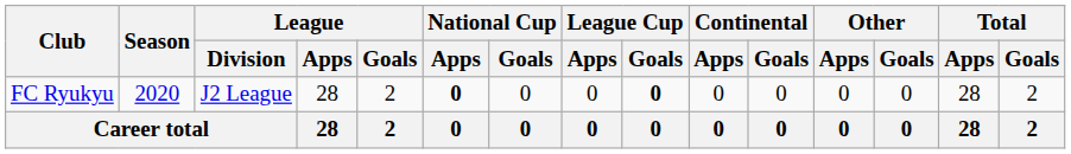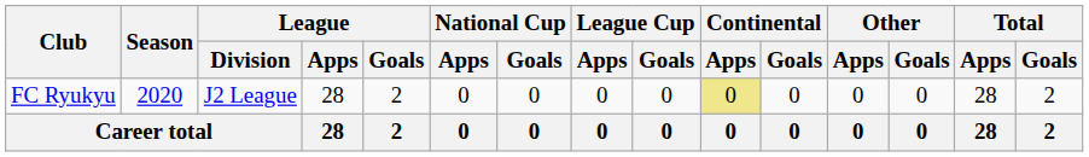 <table class="wikitable" style="text-align: center">
 <tr>
 <th rowspan="2">Club</th>
 <th rowspan="2">Season</th>
 <th colspan="3">League</th>
 <th colspan="2">National Cup</th>
 <th colspan="2">League Cup</th>
 <th colspan="2">Continental</th>
 <th colspan="2">Other</th>
 <th colspan="2">Total</th>
 </tr>
 <tr>
 <th>Division</th>
 <th>Apps</th>
 <th>Goals</th>
 <th>Apps</th>
 <th>Goals</th>
 <th>Apps</th>
 <th>Goals</th>
 <th>Apps</th>
 <th>Goals</th>
 <th>Apps</th>
 <th>Goals</th>
 <th>Apps</th>
 <th>Goals</th>
 </tr>
 <tr>
 <td><a href='#'>FC Ryukyu</a></td>
 <td><a href='#'>2020</a></td>
 <td><a href='#'>J2 League</a></td>
 <td>28</td>
 <td>2</td>
-<td><strong>0</strong></td>
 <td>0</td>
 <td>0</td>
-<td><strong>0</strong></td>
 <td>0</td>
+<td>0</td>
+<td style="background: khaki;">0</td>
 <td>0</td>
 <td>0</td>
 <td>0</td>
 <td>28</td>
 <td>2</td>
 </tr>
 <tr>
 <th colspan=3>Career total</th>
 <th>28</th>
 <th>2</th>
 <th>0</th>
 <th>0</th>
 <th>0</th>
 <th>0</th>
 <th>0</th>
 <th>0</th>
 <th>0</th>
 <th>0</th>
 <th>28</th>
 <th>2</th>
 </tr>
 </table>
